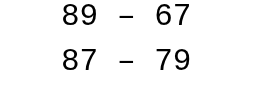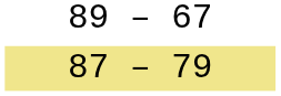 <table style="text-align:center;">
 <tr>
 <th width=200></th>
 <th width=100></th>
 <th width=200></th>
 <th></th>
 </tr>
 <tr>
 <td align=right><strong></strong></td>
 <td>89 – 67</td>
 <td align=left></td>
 </tr>
 <tr>
 <td align=right><strong></strong></td>
-<td>87 – 79</td>
+<td style="background: khaki;">87 – 79</td>
 <td align=left></td>
 </tr>
 </table>
